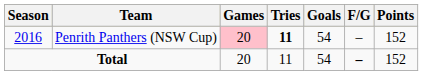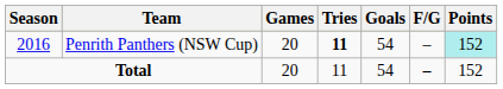 <table class="wikitable" style="text-align:center;">
 <tr style="background:#bdb76b;">
 <th>Season</th>
 <th>Team</th>
 <th>Games</th>
 <th>Tries</th>
 <th>Goals</th>
 <th>F/G</th>
 <th>Points</th>
 </tr>
 <tr>
 <td><a href='#'>2016</a></td>
 <td rowspan="1"> <a href='#'>Penrith Panthers</a> (NSW Cup)</td>
-<td style="background: pink;">20</td>
+<td>20</td>
 <td><strong>11</strong></td>
 <td>54</td>
 <td>–</td>
-<td>152</td>
+<td style="background: paleturquoise;">152</td>
 </tr>
 <tr>
 <td colspan="2"><strong>Total</strong></td>
 <td>20</td>
 <td>11</td>
 <td>54</td>
 <td><strong>–</strong></td>
 <td>152</td>
 </tr>
 </table>
